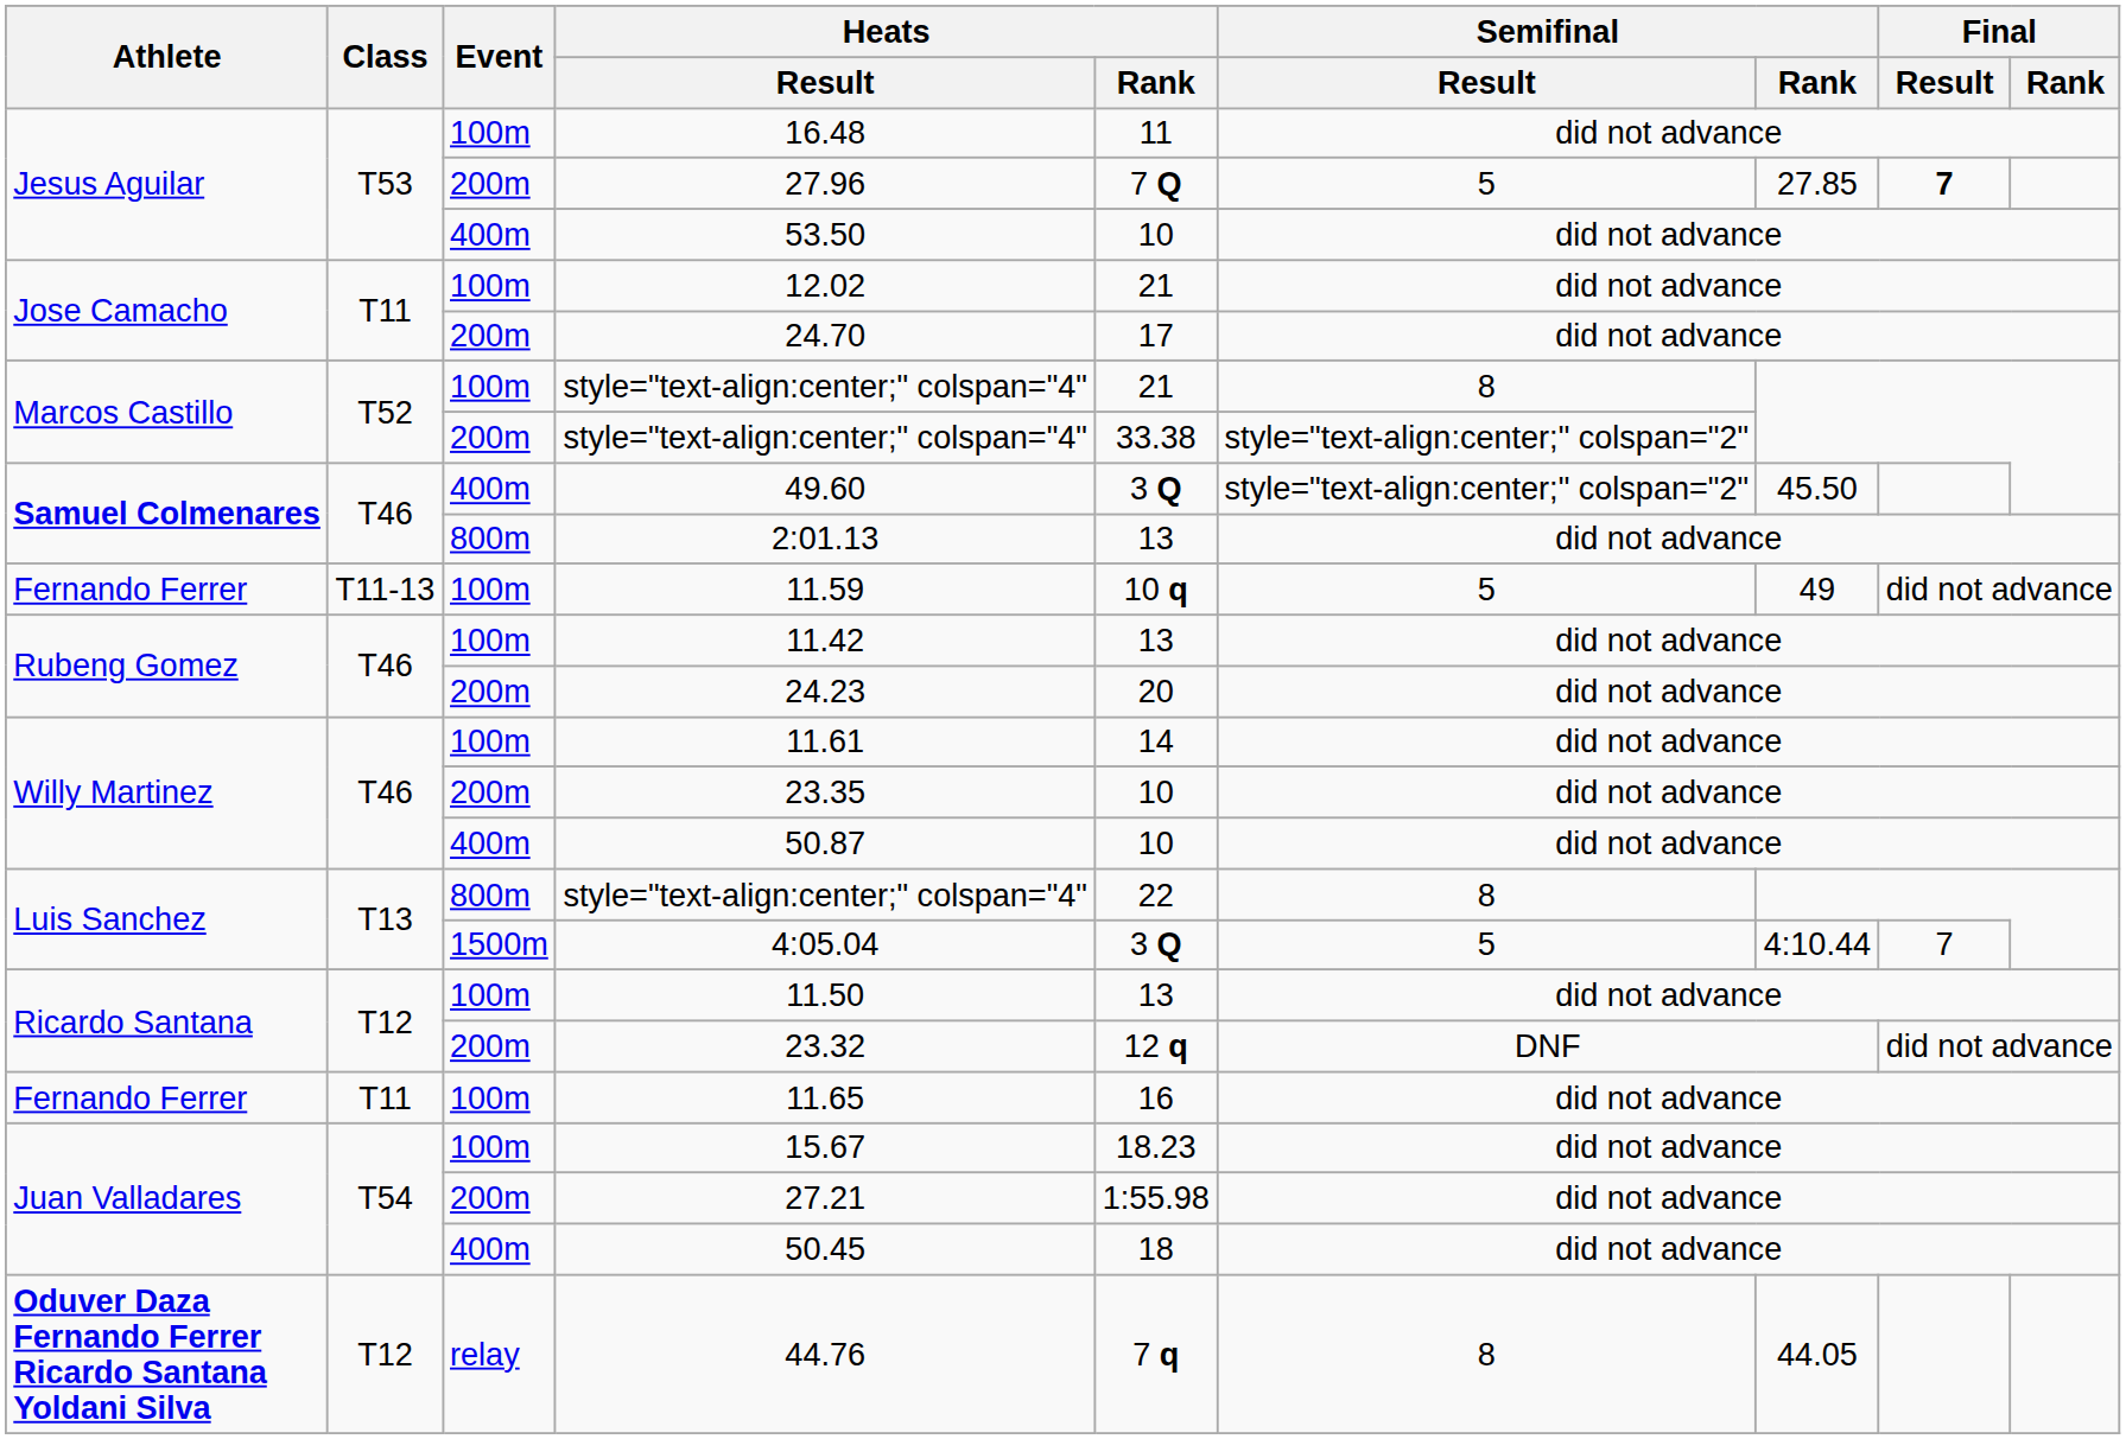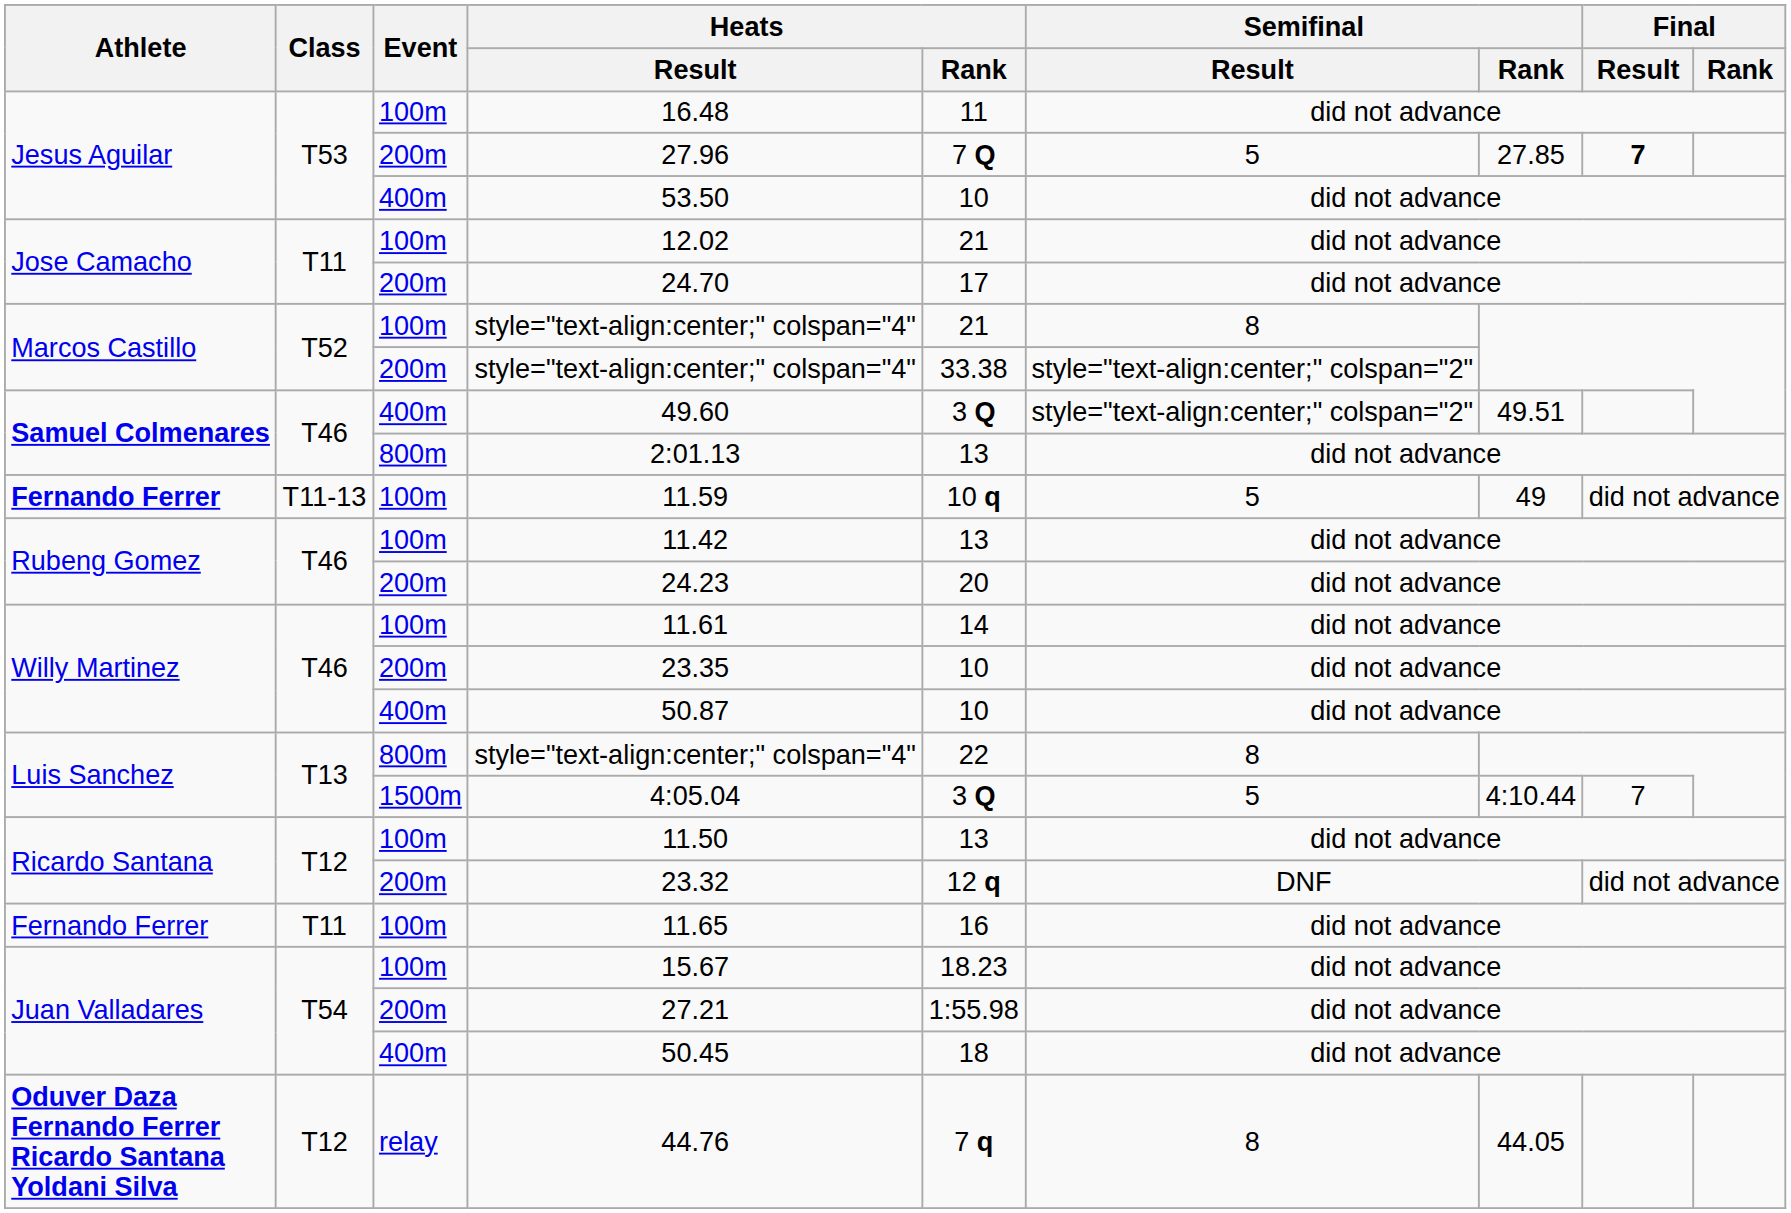 <table class=wikitable style="font-size:90%">
 <tr>
 <th rowspan="2">Athlete</th>
 <th rowspan="2">Class</th>
 <th rowspan="2">Event</th>
 <th colspan="2">Heats</th>
 <th colspan="2">Semifinal</th>
 <th colspan="3">Final</th>
 </tr>
 <tr>
 <th>Result</th>
 <th>Rank</th>
 <th>Result</th>
 <th>Rank</th>
 <th>Result</th>
 <th>Rank</th>
 </tr>
 <tr>
 <td rowspan="3"><a href='#'>Jesus Aguilar</a></td>
 <td rowspan="3" style="text-align:center;">T53</td>
 <td><a href='#'>100m</a></td>
 <td style="text-align:center;">16.48</td>
 <td style="text-align:center;">11</td>
 <td style="text-align:center;" colspan="4">did not advance</td>
 </tr>
 <tr>
 <td><a href='#'>200m</a></td>
 <td style="text-align:center;">27.96</td>
 <td style="text-align:center;">7 <strong>Q</strong></td>
 <td style="text-align:center;">5</td>
 <td style="text-align:center;">27.85</td>
 <td style="text-align:center;"><strong>7</strong></td>
 </tr>
 <tr>
 <td><a href='#'>400m</a></td>
 <td style="text-align:center;">53.50</td>
 <td style="text-align:center;">10</td>
 <td style="text-align:center;" colspan="4">did not advance</td>
 </tr>
 <tr>
 <td rowspan="2"><a href='#'>Jose Camacho</a></td>
 <td rowspan="2" style="text-align:center;">T11</td>
 <td><a href='#'>100m</a></td>
 <td style="text-align:center;">12.02</td>
 <td style="text-align:center;">21</td>
 <td style="text-align:center;" colspan="4">did not advance</td>
 </tr>
 <tr>
 <td><a href='#'>200m</a></td>
 <td style="text-align:center;">24.70</td>
 <td style="text-align:center;">17</td>
 <td style="text-align:center;" colspan="4">did not advance</td>
 </tr>
 <tr>
 <td rowspan="2"><a href='#'>Marcos Castillo</a></td>
 <td rowspan="2" style="text-align:center;">T52</td>
 <td><a href='#'>100m</a></td>
 <td>style="text-align:center;" colspan="4" </td>
 <td style="text-align:center;">21</td>
 <td style="text-align:center;">8</td>
 </tr>
 <tr>
 <td><a href='#'>200m</a></td>
 <td>style="text-align:center;" colspan="4" </td>
 <td style="text-align:center;">33.38</td>
 <td>style="text-align:center;" colspan="2" </td>
 </tr>
 <tr>
 <td rowspan="2"><strong><a href='#'>Samuel Colmenares</a></strong></td>
 <td rowspan="2" style="text-align:center;">T46</td>
 <td><a href='#'>400m</a></td>
 <td style="text-align:center;">49.60</td>
 <td style="text-align:center;">3 <strong>Q</strong></td>
 <td>style="text-align:center;" colspan="2" </td>
-<td style="text-align:center;">45.50</td>
+<td style="text-align:center;">49.51</td>
 <td style="text-align:center;"></td>
 </tr>
 <tr>
 <td><a href='#'>800m</a></td>
 <td style="text-align:center;">2:01.13</td>
 <td style="text-align:center;">13</td>
 <td style="text-align:center;" colspan="4">did not advance</td>
 </tr>
 <tr>
-<td><a href='#'>Fernando Ferrer</a></td>
+<td><strong><a href='#'>Fernando Ferrer</a></strong></td>
 <td style="text-align:center;">T11-13</td>
 <td><a href='#'>100m</a></td>
 <td style="text-align:center;">11.59</td>
 <td style="text-align:center;">10 <strong>q</strong></td>
 <td style="text-align:center;">5</td>
 <td style="text-align:center;">49</td>
 <td style="text-align:center;" colspan="2">did not advance</td>
 </tr>
 <tr>
 <td rowspan="2"><a href='#'>Rubeng Gomez</a></td>
 <td rowspan="2" style="text-align:center;">T46</td>
 <td><a href='#'>100m</a></td>
 <td style="text-align:center;">11.42</td>
 <td style="text-align:center;">13</td>
 <td style="text-align:center;" colspan="4">did not advance</td>
 </tr>
 <tr>
 <td><a href='#'>200m</a></td>
 <td style="text-align:center;">24.23</td>
 <td style="text-align:center;">20</td>
 <td style="text-align:center;" colspan="4">did not advance</td>
 </tr>
 <tr>
 <td rowspan="3"><a href='#'>Willy Martinez</a></td>
 <td rowspan="3" style="text-align:center;">T46</td>
 <td><a href='#'>100m</a></td>
 <td style="text-align:center;">11.61</td>
 <td style="text-align:center;">14</td>
 <td style="text-align:center;" colspan="4">did not advance</td>
 </tr>
 <tr>
 <td><a href='#'>200m</a></td>
 <td style="text-align:center;">23.35</td>
 <td style="text-align:center;">10</td>
 <td style="text-align:center;" colspan="4">did not advance</td>
 </tr>
 <tr>
 <td><a href='#'>400m</a></td>
 <td style="text-align:center;">50.87</td>
 <td style="text-align:center;">10</td>
 <td style="text-align:center;" colspan="4">did not advance</td>
 </tr>
 <tr>
 <td rowspan="2"><a href='#'>Luis Sanchez</a></td>
 <td rowspan="2" style="text-align:center;">T13</td>
 <td><a href='#'>800m</a></td>
 <td>style="text-align:center;" colspan="4" </td>
 <td style="text-align:center;">22</td>
 <td style="text-align:center;">8</td>
 </tr>
 <tr>
 <td><a href='#'>1500m</a></td>
 <td style="text-align:center;">4:05.04</td>
 <td style="text-align:center;">3 <strong>Q</strong></td>
 <td style="text-align:center;">5</td>
 <td style="text-align:center;">4:10.44</td>
 <td style="text-align:center;">7</td>
 </tr>
 <tr>
 <td rowspan="2"><a href='#'>Ricardo Santana</a></td>
 <td rowspan="2" style="text-align:center;">T12</td>
 <td><a href='#'>100m</a></td>
 <td style="text-align:center;">11.50</td>
 <td style="text-align:center;">13</td>
 <td style="text-align:center;" colspan="4">did not advance</td>
 </tr>
 <tr>
 <td><a href='#'>200m</a></td>
 <td style="text-align:center;">23.32</td>
 <td style="text-align:center;">12 <strong>q</strong></td>
 <td style="text-align:center;" colspan="2">DNF</td>
 <td style="text-align:center;" colspan="2">did not advance</td>
 </tr>
 <tr>
 <td><a href='#'>Fernando Ferrer</a></td>
 <td style="text-align:center;">T11</td>
 <td><a href='#'>100m</a></td>
 <td style="text-align:center;">11.65</td>
 <td style="text-align:center;">16</td>
 <td style="text-align:center;" colspan="4">did not advance</td>
 </tr>
 <tr>
 <td rowspan="3"><a href='#'>Juan Valladares</a></td>
 <td rowspan="3" style="text-align:center;">T54</td>
 <td><a href='#'>100m</a></td>
 <td style="text-align:center;">15.67</td>
 <td style="text-align:center;">18.23</td>
 <td style="text-align:center;" colspan="4">did not advance</td>
 </tr>
 <tr>
 <td><a href='#'>200m</a></td>
 <td style="text-align:center;">27.21</td>
 <td style="text-align:center;">1:55.98</td>
 <td style="text-align:center;" colspan="4">did not advance</td>
 </tr>
 <tr>
 <td><a href='#'>400m</a></td>
 <td style="text-align:center;">50.45</td>
 <td style="text-align:center;">18</td>
 <td style="text-align:center;" colspan="4">did not advance</td>
 </tr>
 <tr>
 <td><strong><a href='#'>Oduver Daza</a></strong><br> <strong><a href='#'>Fernando Ferrer</a></strong><br> <strong><a href='#'>Ricardo Santana</a></strong><br> <strong><a href='#'>Yoldani Silva</a></strong></td>
 <td style="text-align:center;">T12</td>
 <td><a href='#'> relay</a></td>
 <td style="text-align:center;">44.76</td>
 <td style="text-align:center;">7 <strong>q</strong></td>
 <td style="text-align:center;">8</td>
 <td style="text-align:center;">44.05</td>
 <td style="text-align:center;"></td>
 </tr>
 </table>
